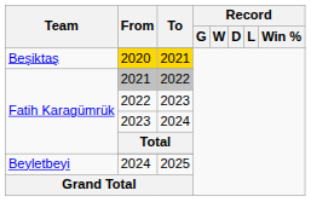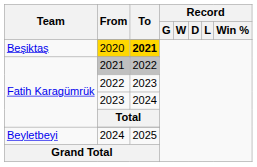 <table class="wikitable" style="text-align: center;">
 <tr>
 <th rowspan=2>Team</th>
 <th rowspan=2>From</th>
 <th rowspan=2>To</th>
 <th colspan=5>Record</th>
 </tr>
 <tr>
 <th>G</th>
 <th>W</th>
 <th>D</th>
 <th>L</th>
 <th>Win %</th>
 </tr>
 <tr>
 <td rowspan=2 align=left><a href='#'>Beşiktaş</a></td>
 </tr>
 <tr bgcolor=gold>
 <td align=left>2020</td>
-<td align=left>2021<br></td>
+<td align=left><strong>2021<br></strong></td>
 </tr>
 <tr>
 <td rowspan=5 align=left><a href='#'>Fatih Karagümrük</a></td>
 </tr>
 <tr bgcolor=silver>
 <td align=left>2021</td>
 <td align=left>2022<br></td>
 </tr>
 <tr>
 <td align=left>2022</td>
 <td align=left>2023<br></td>
 </tr>
 <tr>
 <td align=left>2023</td>
 <td align=left>2024<br></td>
 </tr>
 <tr>
 <th colspan=2>Total<br></th>
 </tr>
 <tr>
 <td rowspan=2 align=left><a href='#'>Beyletbeyi</a></td>
 </tr>
 <tr>
 <td align=left>2024</td>
 <td align=left>2025<br></td>
 </tr>
 <tr>
 <th colspan=3>Grand Total<br></th>
 </tr>
 </table>
